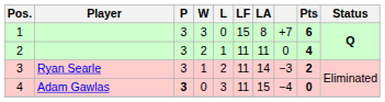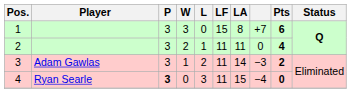 <table class="wikitable" style="text-align:center; margin: 1em auto 1em auto, align:left">
 <tr>
 <th width=20>Pos.</th>
 <th width=185>Player</th>
 <th width=20>P</th>
 <th width=20>W</th>
 <th width=20>L</th>
 <th width=20>LF</th>
 <th width=20>LA</th>
 <th width=25></th>
 <th width=20>Pts</th>
 <th width=70>Status</th>
 </tr>
 <tr style="background:#CCFFCC;">
 <td>1</td>
 <td align=left></td>
 <td>3</td>
 <td>3</td>
 <td>0</td>
 <td>15</td>
 <td>8</td>
 <td>+7</td>
 <td><strong>6</strong></td>
 <td rowspan=2><strong>Q</strong></td>
 </tr>
 <tr style="background:#CCFFCC;">
 <td>2</td>
 <td align=left></td>
 <td>3</td>
 <td>2</td>
 <td>1</td>
 <td>11</td>
 <td>11</td>
 <td>0</td>
 <td><strong>4</strong></td>
 </tr>
 <tr style="background:#FFCCCC;">
 <td>3</td>
-<td align=left> <a href='#'>Ryan Searle</a></td>
+<td align=left> <a href='#'>Adam Gawlas</a></td>
 <td>3</td>
 <td>1</td>
 <td>2</td>
 <td>11</td>
 <td>14</td>
 <td>−3</td>
 <td><strong>2</strong></td>
 <td rowspan=2>Eliminated</td>
 </tr>
 <tr style="background:#FFCCCC;">
 <td>4</td>
-<td align=left> <a href='#'>Adam Gawlas</a></td>
+<td align=left> <a href='#'>Ryan Searle</a></td>
 <td><strong>3</strong></td>
 <td>0</td>
 <td>3</td>
 <td>11</td>
 <td>15</td>
 <td>−4</td>
 <td><strong>0</strong></td>
 </tr>
 <tr>
 </tr>
 </table>
